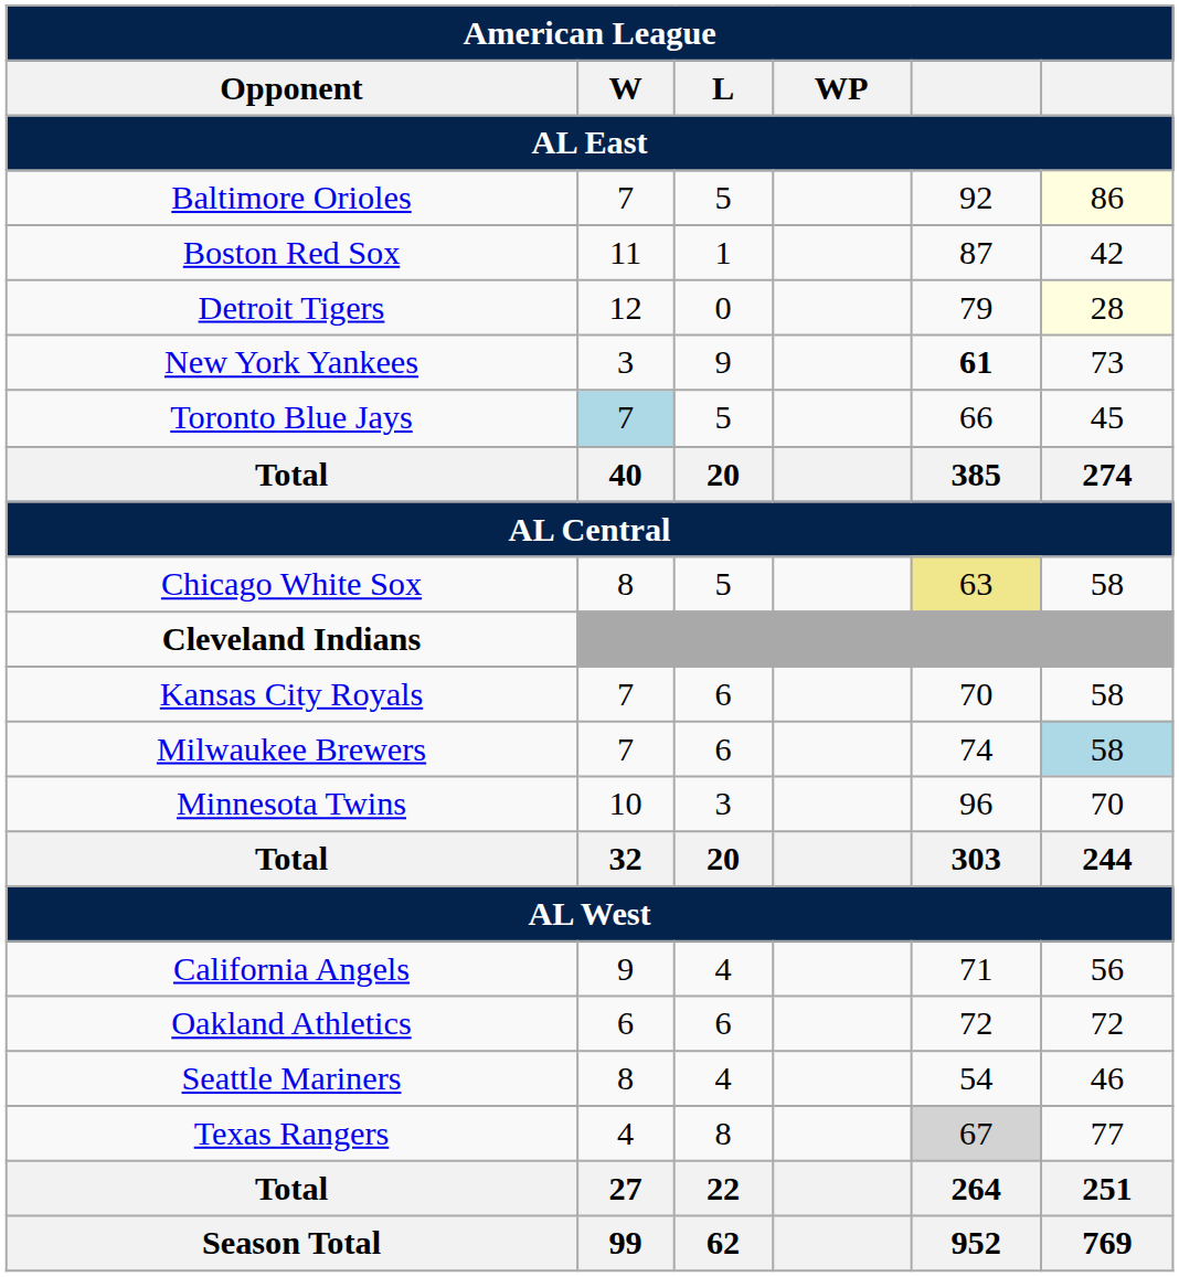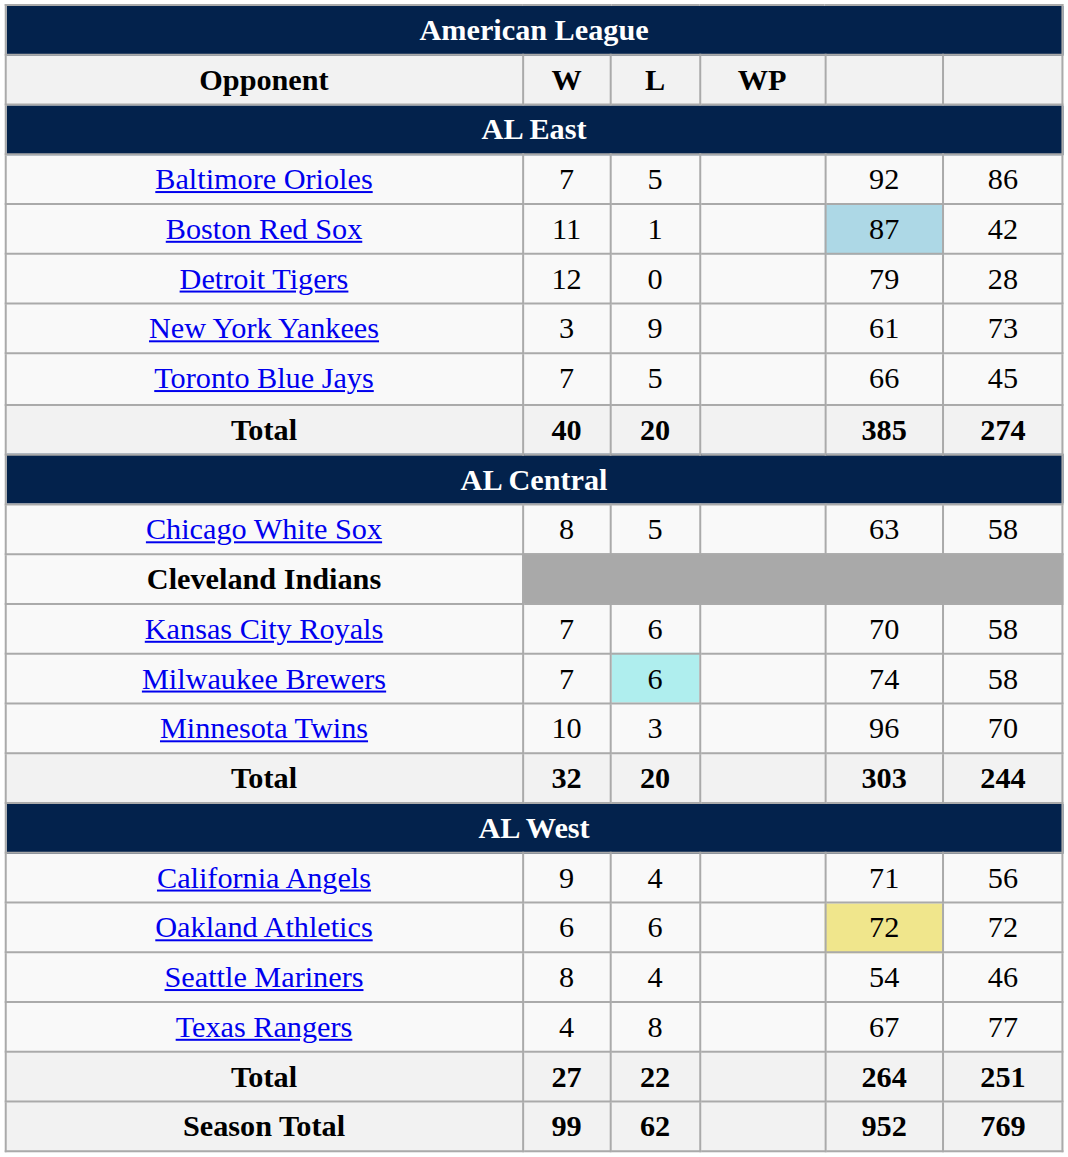 <table class="wikitable" style="font-size:95%; text-align:center; width:35em;margin: 0.5em auto;">
 <tr>
 <th colspan="7" style="background:#03224c; color:#ffffff;">American League</th>
 </tr>
 <tr>
 <th>Opponent</th>
 <th>W</th>
 <th>L</th>
 <th>WP</th>
 <th></th>
 <th></th>
 </tr>
 <tr>
 <th colspan="7" style="background:#03224c; color:#ffffff;">AL East</th>
 </tr>
 <tr>
 <td><a href='#'>Baltimore Orioles</a></td>
 <td>7</td>
 <td>5</td>
 <td></td>
 <td>92</td>
-<td style="background: lightyellow;">86</td>
+<td>86</td>
 </tr>
 <tr>
 <td><a href='#'>Boston Red Sox</a></td>
 <td>11</td>
 <td>1</td>
 <td></td>
-<td>87</td>
+<td style="background: lightblue;">87</td>
 <td>42</td>
 </tr>
 <tr>
 <td><a href='#'>Detroit Tigers</a></td>
 <td>12</td>
 <td>0</td>
 <td></td>
 <td>79</td>
-<td style="background: lightyellow;">28</td>
+<td>28</td>
 </tr>
 <tr>
 <td><a href='#'>New York Yankees</a></td>
 <td>3</td>
 <td>9</td>
 <td></td>
-<td><strong>61</strong></td>
+<td>61</td>
 <td>73</td>
 </tr>
 <tr>
 <td><a href='#'>Toronto Blue Jays</a></td>
-<td style="background: lightblue;">7</td>
+<td>7</td>
 <td>5</td>
 <td></td>
 <td>66</td>
 <td>45</td>
 </tr>
 <tr>
 <th>Total</th>
 <th>40</th>
 <th>20</th>
 <th></th>
 <th>385</th>
 <th>274</th>
 </tr>
 <tr>
 <th colspan="7" style="background:#03224c; color:#ffffff;">AL Central</th>
 </tr>
 <tr>
 <td><a href='#'>Chicago White Sox</a></td>
 <td>8</td>
 <td>5</td>
 <td></td>
-<td style="background: khaki;">63</td>
+<td>63</td>
 <td>58</td>
 </tr>
 <tr>
 <td><strong>Cleveland Indians</strong></td>
 <td colspan=5 style="background:darkgray;"></td>
 </tr>
 <tr>
 <td><a href='#'>Kansas City Royals</a></td>
 <td>7</td>
 <td>6</td>
 <td></td>
 <td>70</td>
 <td>58</td>
 </tr>
 <tr>
 <td><a href='#'>Milwaukee Brewers</a></td>
 <td>7</td>
-<td>6</td>
+<td style="background: paleturquoise;">6</td>
 <td></td>
 <td>74</td>
-<td style="background: lightblue;">58</td>
+<td>58</td>
 </tr>
 <tr>
 <td><a href='#'>Minnesota Twins</a></td>
 <td>10</td>
 <td>3</td>
 <td></td>
 <td>96</td>
 <td>70</td>
 </tr>
 <tr>
 <th>Total</th>
 <th>32</th>
 <th>20</th>
 <th></th>
 <th>303</th>
 <th>244</th>
 </tr>
 <tr>
 <th colspan="7" style="background:#03224c; color:#ffffff;">AL West</th>
 </tr>
 <tr>
 <td><a href='#'>California Angels</a></td>
 <td>9</td>
 <td>4</td>
 <td></td>
 <td>71</td>
 <td>56</td>
 </tr>
 <tr>
 <td><a href='#'>Oakland Athletics</a></td>
 <td>6</td>
 <td>6</td>
 <td></td>
-<td>72</td>
+<td style="background: khaki;">72</td>
 <td>72</td>
 </tr>
 <tr>
 <td><a href='#'>Seattle Mariners</a></td>
 <td>8</td>
 <td>4</td>
 <td></td>
 <td>54</td>
 <td>46</td>
 </tr>
 <tr>
 <td><a href='#'>Texas Rangers</a></td>
 <td>4</td>
 <td>8</td>
 <td></td>
-<td style="background: lightgrey;">67</td>
+<td>67</td>
 <td>77</td>
 </tr>
 <tr>
 <th>Total</th>
 <th>27</th>
 <th>22</th>
 <th></th>
 <th>264</th>
 <th>251</th>
 </tr>
 <tr>
 <th>Season Total</th>
 <th>99</th>
 <th>62</th>
 <th></th>
 <th>952</th>
 <th>769</th>
 </tr>
 </table>
